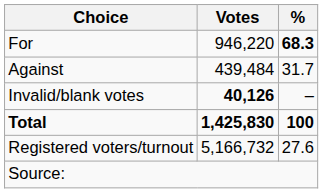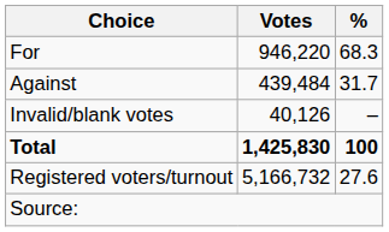 <table class=wikitable style=text-align:right>
 <tr>
 <th>Choice</th>
 <th>Votes</th>
 <th>%</th>
 </tr>
 <tr>
 <td align=left>For</td>
 <td>946,220</td>
-<td><strong>68.3</strong></td>
+<td>68.3</td>
 </tr>
 <tr>
 <td align=left>Against</td>
 <td>439,484</td>
 <td>31.7</td>
 </tr>
 <tr>
 <td align=left>Invalid/blank votes</td>
-<td><strong>40,126</strong></td>
+<td>40,126</td>
 <td>–</td>
 </tr>
 <tr>
 <td align=left><strong>Total</strong></td>
 <td><strong>1,425,830</strong></td>
 <td><strong>100</strong></td>
 </tr>
 <tr>
 <td align=left>Registered voters/turnout</td>
 <td>5,166,732</td>
 <td>27.6</td>
 </tr>
 <tr>
 <td align=left colspan=6>Source: </td>
 </tr>
 </table>
